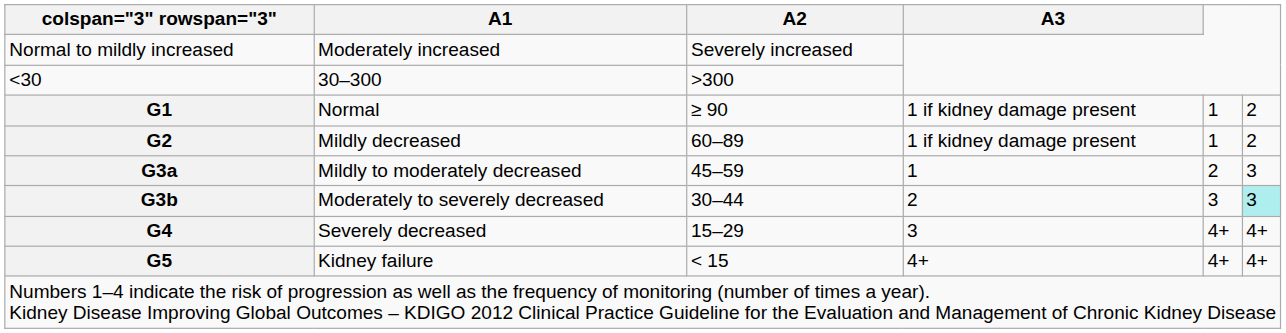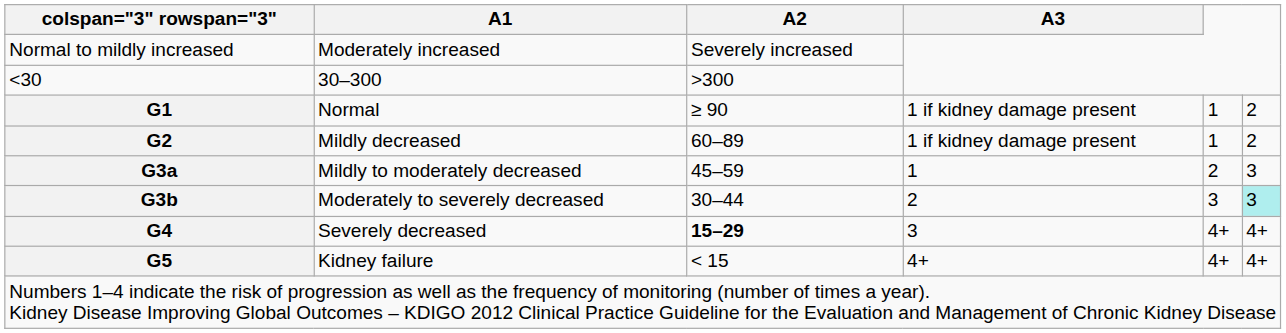 <table class=wikitable style="float:right; margin-left:5px">
 <tr>
 <th>colspan="3" rowspan="3" </th>
 <th>A1</th>
 <th>A2</th>
 <th>A3</th>
 </tr>
 <tr>
 <td>Normal to mildly increased</td>
 <td>Moderately increased</td>
 <td>Severely increased</td>
 </tr>
 <tr>
 <td><30</td>
 <td>30–300</td>
 <td>>300</td>
 </tr>
 <tr>
 <th>G1</th>
 <td>Normal</td>
 <td>≥ 90</td>
 <td>1 if kidney damage present</td>
 <td>1</td>
 <td>2</td>
 </tr>
 <tr>
 <th>G2</th>
 <td>Mildly decreased</td>
 <td>60–89</td>
 <td>1 if kidney damage present</td>
 <td>1</td>
 <td>2</td>
 </tr>
 <tr>
 <th>G3a</th>
 <td>Mildly to moderately decreased</td>
 <td>45–59</td>
 <td>1</td>
 <td>2</td>
 <td>3</td>
 </tr>
 <tr>
 <th>G3b</th>
 <td>Moderately to severely decreased</td>
 <td>30–44</td>
 <td>2</td>
 <td>3</td>
 <td style="background: paleturquoise;">3</td>
 </tr>
 <tr>
 <th>G4</th>
 <td>Severely decreased</td>
-<td>15–29</td>
+<td><strong>15–29</strong></td>
 <td>3</td>
 <td>4+</td>
 <td>4+</td>
 </tr>
 <tr>
 <th>G5</th>
 <td>Kidney failure</td>
 <td>< 15</td>
 <td>4+</td>
 <td>4+</td>
 <td>4+</td>
 </tr>
 <tr>
 <td colspan = "7">Numbers 1–4 indicate the risk of progression as well as the frequency of monitoring (number of times a year). <br>  Kidney Disease Improving Global Outcomes – KDIGO 2012 Clinical Practice Guideline for the Evaluation and Management of Chronic Kidney Disease </td>
 </tr>
 </table>
